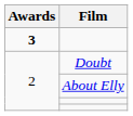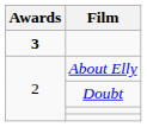 <table class="wikitable" style="text-align:center;">
 <tr>
 <th scope="col">Awards</th>
 <th scope="col" align="center">Film</th>
 </tr>
 <tr>
 <td style="text-align: center;"><strong>3</strong></td>
 <td><em></em></td>
 </tr>
 <tr>
 <td rowspan=4 style="text-align: center;">2</td>
-<td><em><a href='#'>Doubt</a></em></td>
+<td><em><a href='#'>About Elly</a></em></td>
 </tr>
 <tr>
-<td><em><a href='#'>About Elly</a></em></td>
+<td><em><a href='#'>Doubt</a></em></td>
 </tr>
 <tr>
 <td><em></em></td>
 </tr>
 <tr>
 <td><em></em></td>
 </tr>
 </table>
